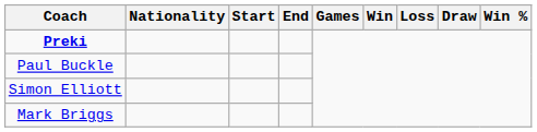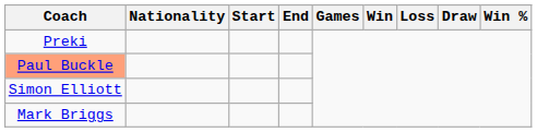 <table class="wikitable sortable" style="text-align:center; margin-left: lem; font-size:90%;">
 <tr>
 <th>Coach</th>
 <th>Nationality</th>
 <th>Start</th>
 <th>End</th>
 <th>Games</th>
 <th>Win</th>
 <th>Loss</th>
 <th>Draw</th>
 <th>Win %</th>
 </tr>
 <tr>
-<td><strong><a href='#'>Preki</a></strong></td>
+<td><a href='#'>Preki</a></td>
 <td></td>
 <td></td>
 <td><br></td>
 </tr>
 <tr>
-<td><a href='#'>Paul Buckle</a></td>
+<td style="background: lightsalmon;"><a href='#'>Paul Buckle</a></td>
 <td></td>
 <td></td>
 <td><br></td>
 </tr>
 <tr>
 <td><a href='#'>Simon Elliott</a></td>
 <td></td>
 <td></td>
 <td><br></td>
 </tr>
 <tr>
 <td><a href='#'>Mark Briggs</a></td>
 <td></td>
 <td></td>
 <td><br></td>
 </tr>
 </table>
